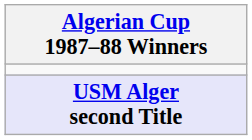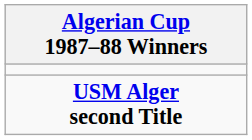 <table class="wikitable" style="text-align: center; margin: 0 auto; width: 20%">
 <tr>
 <th><a href='#'>Algerian Cup</a><br>1987–88 Winners</th>
 </tr>
 <tr>
 <td></td>
 </tr>
 <tr>
-<td style="background: lavender;"><strong><a href='#'>USM Alger</a></strong><br><strong>second Title</strong></td>
+<td><strong><a href='#'>USM Alger</a></strong><br><strong>second Title</strong></td>
 </tr>
 </table>
